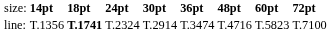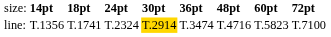 <table style="margin-left:40px;">
 <tr>
 <td>size:</td>
 <td><strong>14pt</strong></td>
 <td><strong>18pt</strong></td>
 <td><strong>24pt</strong></td>
 <td><strong>30pt</strong></td>
 <td><strong>36pt</strong></td>
 <td><strong>48pt</strong></td>
 <td><strong>60pt</strong></td>
 <td><strong>72pt</strong></td>
 </tr>
 <tr>
 <td>line:</td>
 <td>T.1356</td>
-<td><strong>T.1741</strong></td>
+<td>T.1741</td>
 <td>T.2324</td>
-<td>T.2914</td>
+<td style="background: gold;">T.2914</td>
 <td>T.3474</td>
 <td>T.4716</td>
 <td>T.5823</td>
 <td>T.7100</td>
 </tr>
 </table>
